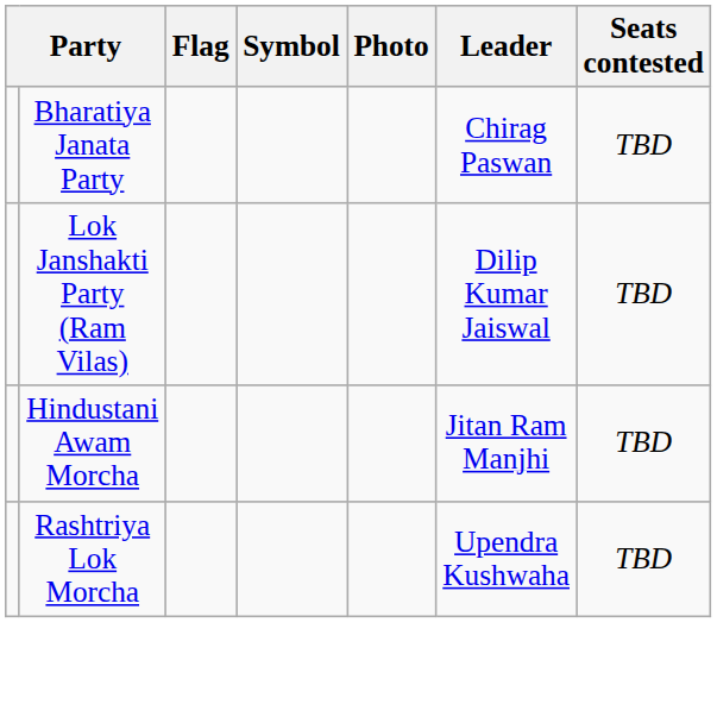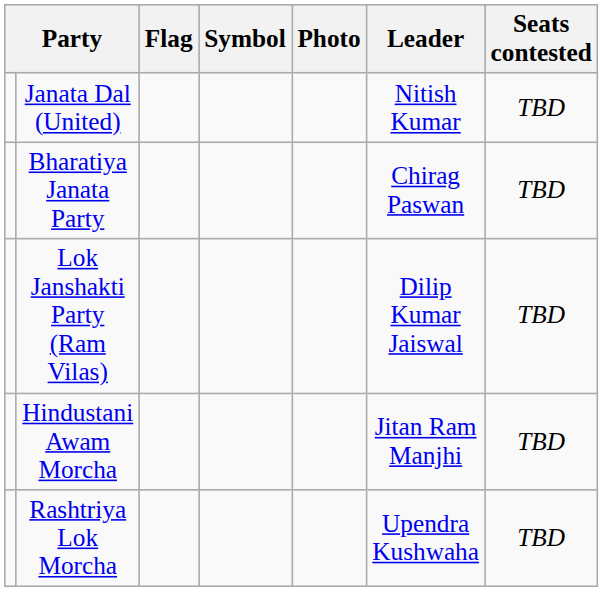 <table class="wikitable" width="50%" style="text-align:center;">
 <tr>
 <th colspan="2">Party</th>
 <th>Flag</th>
 <th>Symbol</th>
 <th>Photo</th>
 <th>Leader</th>
 <th>Seats contested</th>
+</tr>
+<tr>
+<td></td>
+<td><a href='#'>Janata Dal (United)</a></td>
+<td></td>
+<td></td>
+<td></td>
+<td><a href='#'>Nitish Kumar</a></td>
+<td><em>TBD</em></td>
 </tr>
 <tr>
 <td></td>
 <td><a href='#'>Bharatiya Janata Party</a></td>
 <td></td>
 <td></td>
 <td></td>
 <td><a href='#'>Chirag Paswan</a></td>
 <td><em>TBD</em></td>
 </tr>
 <tr>
 <td></td>
 <td><a href='#'>Lok Janshakti Party (Ram Vilas)</a></td>
 <td></td>
 <td></td>
 <td></td>
 <td><a href='#'>Dilip Kumar Jaiswal</a></td>
 <td><em>TBD</em></td>
 </tr>
 <tr>
 <td></td>
 <td><a href='#'>Hindustani Awam Morcha</a></td>
 <td></td>
 <td></td>
 <td></td>
 <td><a href='#'>Jitan Ram Manjhi</a></td>
 <td><em>TBD</em></td>
 </tr>
 <tr>
 <td></td>
 <td><a href='#'>Rashtriya Lok Morcha</a></td>
 <td></td>
 <td></td>
 <td></td>
 <td><a href='#'>Upendra Kushwaha</a></td>
 <td><em>TBD</em></td>
 </tr>
 </table>
